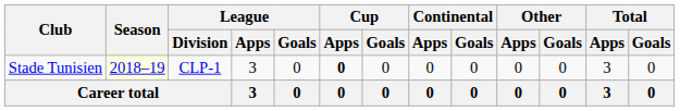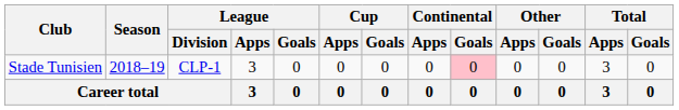 <table class="wikitable" style="text-align:center">
 <tr>
 <th rowspan="2">Club</th>
 <th rowspan="2">Season</th>
 <th colspan="3">League</th>
 <th colspan="2">Cup</th>
 <th colspan="2">Continental</th>
 <th colspan="2">Other</th>
 <th colspan="2">Total</th>
 </tr>
 <tr>
 <th>Division</th>
 <th>Apps</th>
 <th>Goals</th>
 <th>Apps</th>
 <th>Goals</th>
 <th>Apps</th>
 <th>Goals</th>
 <th>Apps</th>
 <th>Goals</th>
 <th>Apps</th>
 <th>Goals</th>
 </tr>
 <tr>
 <td><a href='#'>Stade Tunisien</a></td>
-<td style="background: lightyellow;"><a href='#'>2018–19</a></td>
+<td><a href='#'>2018–19</a></td>
 <td><a href='#'>CLP-1</a></td>
 <td>3</td>
 <td>0</td>
-<td><strong>0</strong></td>
 <td>0</td>
 <td>0</td>
 <td>0</td>
+<td style="background: pink;">0</td>
 <td>0</td>
 <td>0</td>
 <td>3</td>
 <td>0</td>
 </tr>
 <tr>
 <th colspan="3">Career total</th>
 <th>3</th>
 <th>0</th>
 <th>0</th>
 <th>0</th>
 <th>0</th>
 <th>0</th>
 <th>0</th>
 <th>0</th>
 <th>3</th>
 <th>0</th>
 </tr>
 </table>
